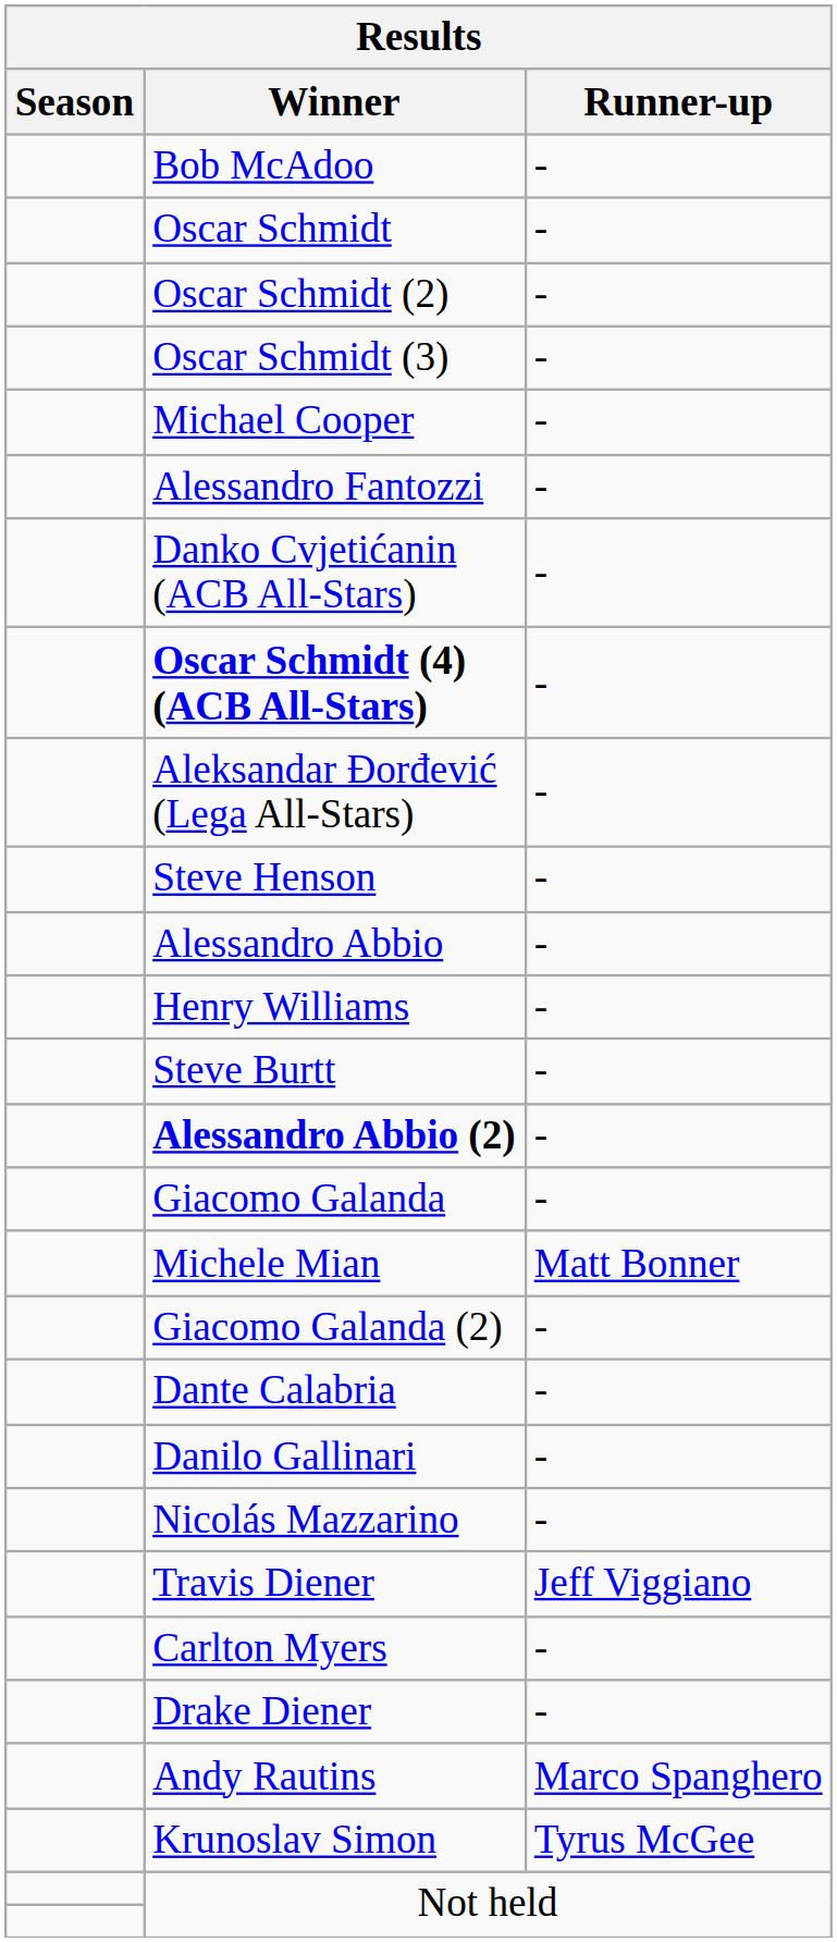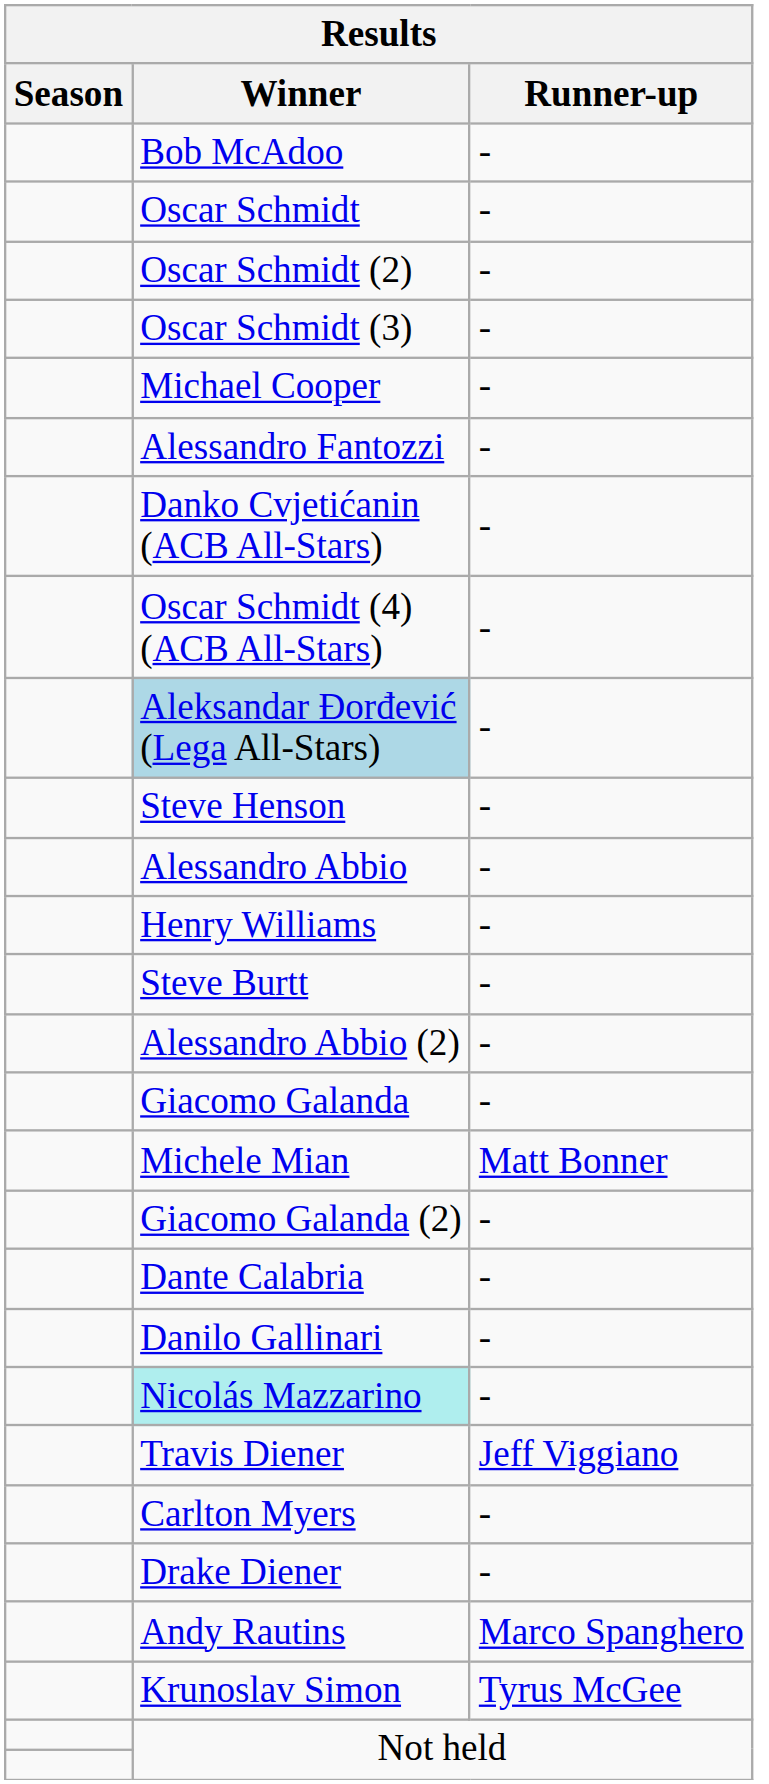 <table class="wikitable sortable">
 <tr>
 <th colspan="3" style="text-align: center;">Results</th>
 </tr>
 <tr>
 <th>Season</th>
 <th>Winner</th>
 <th>Runner-up</th>
 </tr>
 <tr>
 <td></td>
 <td> <a href='#'>Bob McAdoo</a></td>
 <td>-</td>
 </tr>
 <tr>
 <td></td>
 <td> <a href='#'>Oscar Schmidt</a></td>
 <td>-</td>
 </tr>
 <tr>
 <td></td>
 <td> <a href='#'>Oscar Schmidt</a> (2)</td>
 <td>-</td>
 </tr>
 <tr>
 <td></td>
 <td> <a href='#'>Oscar Schmidt</a> (3)</td>
 <td>-</td>
 </tr>
 <tr>
 <td></td>
 <td> <a href='#'>Michael Cooper</a></td>
 <td>-</td>
 </tr>
 <tr>
 <td></td>
 <td> <a href='#'>Alessandro Fantozzi</a></td>
 <td>-</td>
 </tr>
 <tr>
 <td></td>
 <td> <a href='#'>Danko Cvjetićanin</a> <br> (<a href='#'>ACB All-Stars</a>)</td>
 <td>-</td>
 </tr>
 <tr>
 <td></td>
-<td><strong> <a href='#'>Oscar Schmidt</a> (4) <br> (<a href='#'>ACB All-Stars</a>)</strong></td>
+<td> <a href='#'>Oscar Schmidt</a> (4) <br> (<a href='#'>ACB All-Stars</a>)</td>
 <td>-</td>
 </tr>
 <tr>
 <td></td>
-<td> <a href='#'>Aleksandar Đorđević</a> <br> (<a href='#'>Lega</a> All-Stars)</td>
+<td style="background: lightblue;"> <a href='#'>Aleksandar Đorđević</a> <br> (<a href='#'>Lega</a> All-Stars)</td>
 <td>-</td>
 </tr>
 <tr>
 <td></td>
 <td> <a href='#'>Steve Henson</a></td>
 <td>-</td>
 </tr>
 <tr>
 <td></td>
 <td> <a href='#'>Alessandro Abbio</a></td>
 <td>-</td>
 </tr>
 <tr>
 <td></td>
 <td> <a href='#'>Henry Williams</a></td>
 <td>-</td>
 </tr>
 <tr>
 <td></td>
 <td> <a href='#'>Steve Burtt</a></td>
 <td>-</td>
 </tr>
 <tr>
 <td></td>
-<td><strong> <a href='#'>Alessandro Abbio</a> (2)</strong></td>
+<td> <a href='#'>Alessandro Abbio</a> (2)</td>
 <td>-</td>
 </tr>
 <tr>
 <td></td>
 <td> <a href='#'>Giacomo Galanda</a></td>
 <td>-</td>
 </tr>
 <tr>
 <td></td>
 <td> <a href='#'>Michele Mian</a></td>
 <td> <a href='#'>Matt Bonner</a></td>
 </tr>
 <tr>
 <td></td>
 <td> <a href='#'>Giacomo Galanda</a> (2)</td>
 <td>-</td>
 </tr>
 <tr>
 <td></td>
 <td> <a href='#'>Dante Calabria</a></td>
 <td>-</td>
 </tr>
 <tr>
 <td></td>
 <td> <a href='#'>Danilo Gallinari</a></td>
 <td>-</td>
 </tr>
 <tr>
 <td></td>
-<td> <a href='#'>Nicolás Mazzarino</a></td>
+<td style="background: paleturquoise;"> <a href='#'>Nicolás Mazzarino</a></td>
 <td>-</td>
 </tr>
 <tr>
 <td></td>
 <td> <a href='#'>Travis Diener</a></td>
 <td> <a href='#'>Jeff Viggiano</a></td>
 </tr>
 <tr>
 <td></td>
 <td> <a href='#'>Carlton Myers</a></td>
 <td>-</td>
 </tr>
 <tr>
 <td></td>
 <td> <a href='#'>Drake Diener</a></td>
 <td>-</td>
 </tr>
 <tr>
 <td></td>
 <td> <a href='#'>Andy Rautins</a></td>
 <td> <a href='#'>Marco Spanghero</a></td>
 </tr>
 <tr>
 <td></td>
 <td> <a href='#'>Krunoslav Simon</a></td>
 <td> <a href='#'>Tyrus McGee</a></td>
 </tr>
 <tr>
 <td></td>
 <td colspan="2" rowspan="2" style="text-align:center;">Not held</td>
 </tr>
 <tr>
 <td></td>
 </tr>
 </table>
